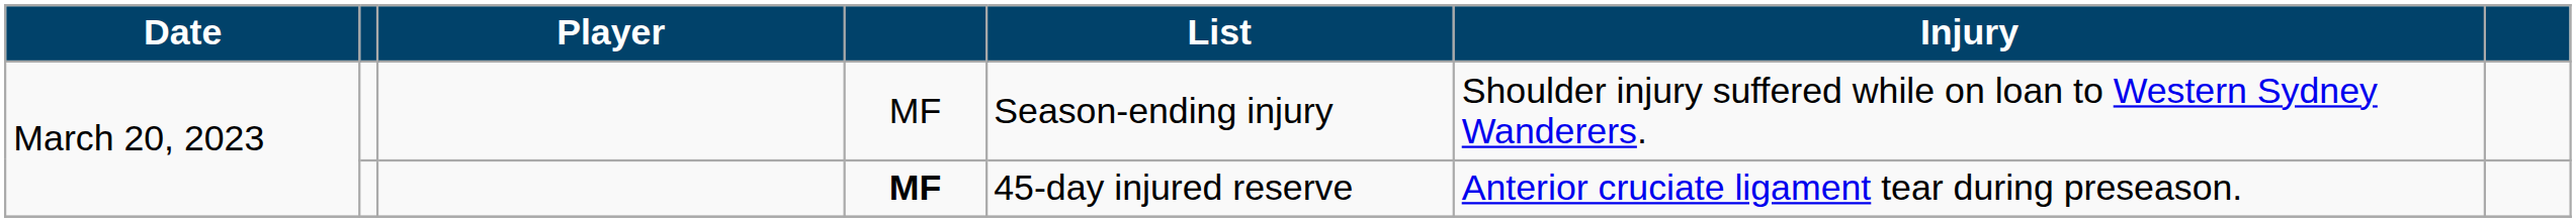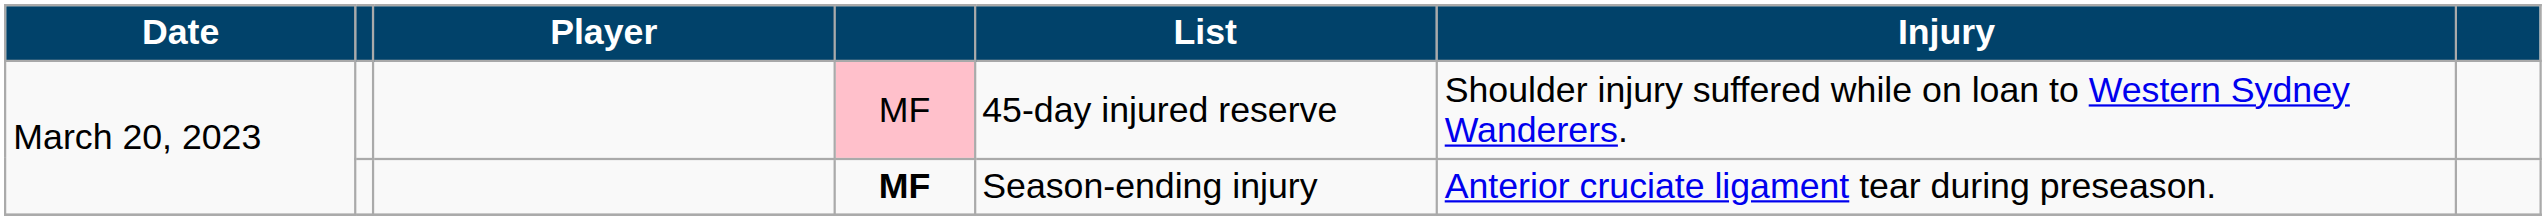 <table class="wikitable sortable" style="text-align:left;">
 <tr>
 <th style="background:#01426A; color:#fff; width:150px;" data-sort-type="date">Date</th>
 <th style="background:#01426A; color:#fff;"></th>
 <th style="background:#01426A; color:#fff; width:200px;">Player</th>
 <th style="background:#01426A; color:#fff; width:55px;"></th>
 <th style="background:#01426A; color:#fff; width:200px;">List</th>
 <th style="background:#01426A; color:#fff; width:450px;">Injury</th>
 <th style="background:#01426A; color:#fff; width:30px;"></th>
 </tr>
 <tr>
 <td rowspan="2">March 20, 2023</td>
 <td></td>
 <td></td>
-<td align="center">MF</td>
-<td>Season-ending injury</td>
+<td align="center" style="background: pink;">MF</td>
+<td>45-day injured reserve</td>
 <td>Shoulder injury suffered while on loan to <a href='#'>Western Sydney Wanderers</a>.</td>
 <td></td>
 </tr>
 <tr>
 <td></td>
 <td></td>
 <td align="center"><strong>MF</strong></td>
-<td>45-day injured reserve</td>
+<td>Season-ending injury</td>
 <td><a href='#'>Anterior cruciate ligament</a> tear during preseason.</td>
 <td></td>
 </tr>
 <tr>
 </tr>
 </table>
